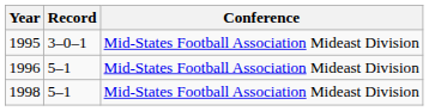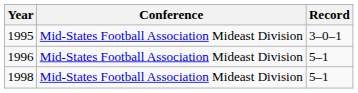 <table class="wikitable">
 <tr>
 <th>Year</th>
+<th>Conference</th>
 <th>Record</th>
-<th>Conference</th>
 </tr>
 <tr>
 <td>1995</td>
+<td><a href='#'>Mid-States Football Association</a> Mideast Division</td>
 <td>3–0–1</td>
-<td><a href='#'>Mid-States Football Association</a> Mideast Division</td>
 </tr>
 <tr>
 <td>1996</td>
+<td><a href='#'>Mid-States Football Association</a> Mideast Division</td>
 <td>5–1</td>
-<td><a href='#'>Mid-States Football Association</a> Mideast Division</td>
 </tr>
 <tr>
 <td>1998</td>
+<td><a href='#'>Mid-States Football Association</a> Mideast Division</td>
 <td>5–1</td>
-<td><a href='#'>Mid-States Football Association</a> Mideast Division</td>
 </tr>
 </table>
